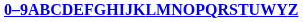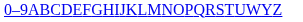 <table id="toc" class="toc" summary="Class">
 <tr>
 <th></th>
 </tr>
 <tr>
-<td style="text-align:center;"><strong><a href='#'>0–9</a><a href='#'>A</a><a href='#'>B</a><a href='#'>C</a><a href='#'>D</a><a href='#'>E</a><a href='#'>F</a><a href='#'>G</a><a href='#'>H</a><a href='#'>I</a><a href='#'>J</a><a href='#'>K</a><a href='#'>L</a><a href='#'>M</a><a href='#'>N</a><a href='#'>O</a><a href='#'>P</a><a href='#'>Q</a><a href='#'>R</a><a href='#'>S</a><a href='#'>T</a><a href='#'>U</a><a href='#'>W</a><a href='#'>Y</a><a href='#'>Z</a></strong></td>
+<td style="text-align:center;"><a href='#'>0–9</a><a href='#'>A</a><a href='#'>B</a><a href='#'>C</a><a href='#'>D</a><a href='#'>E</a><a href='#'>F</a><a href='#'>G</a><a href='#'>H</a><a href='#'>I</a><a href='#'>J</a><a href='#'>K</a><a href='#'>L</a><a href='#'>M</a><a href='#'>N</a><a href='#'>O</a><a href='#'>P</a><a href='#'>Q</a><a href='#'>R</a><a href='#'>S</a><a href='#'>T</a><a href='#'>U</a><a href='#'>W</a><a href='#'>Y</a><a href='#'>Z</a></td>
 </tr>
 </table>
